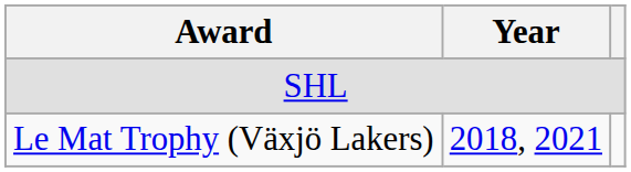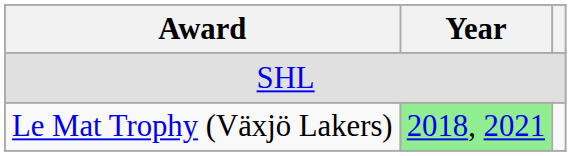 <table class="wikitable">
 <tr>
 <th>Award</th>
 <th>Year</th>
 <th></th>
 </tr>
 <tr ALIGN="center" bgcolor="#e0e0e0">
 <td colspan="3"><a href='#'>SHL</a></td>
 </tr>
 <tr>
 <td><a href='#'>Le Mat Trophy</a> (Växjö Lakers)</td>
-<td><a href='#'>2018</a>, <a href='#'>2021</a></td>
+<td style="background: lightgreen;"><a href='#'>2018</a>, <a href='#'>2021</a></td>
 <td></td>
 </tr>
 </table>
